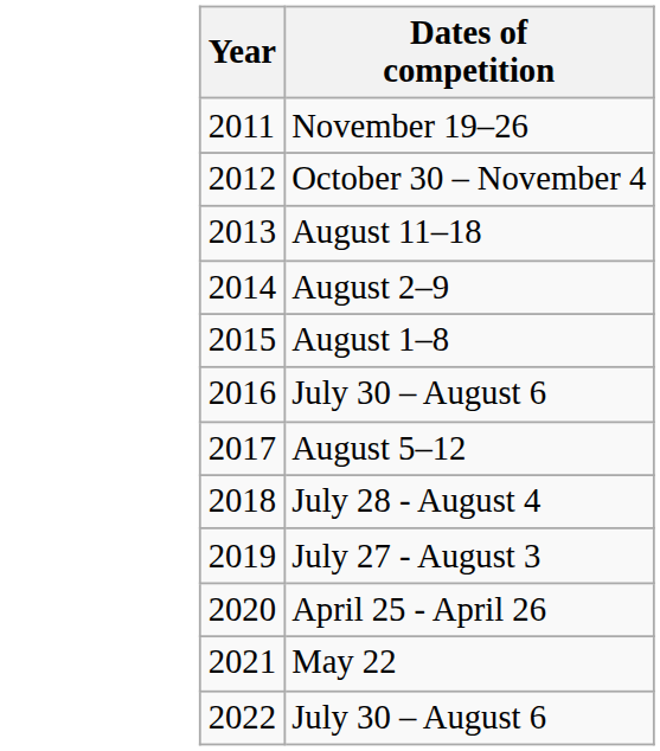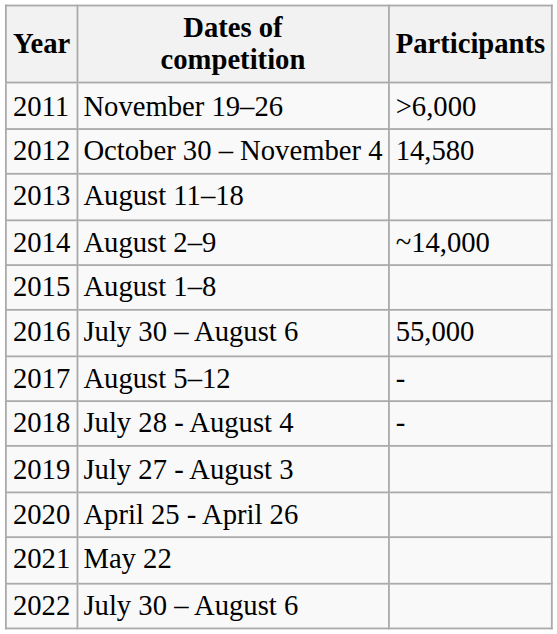 <table class="wikitable sortable" style="float:right;">
 <tr>
 <th>Year</th>
 <th>Dates of<br>competition</th>
+<th>Participants</th>
 </tr>
 <tr>
 <td>2011</td>
 <td>November 19–26</td>
+<td>>6,000</td>
 </tr>
 <tr>
 <td>2012</td>
 <td>October 30 – November 4</td>
+<td>14,580</td>
 </tr>
 <tr>
 <td>2013</td>
 <td>August 11–18</td>
+<td></td>
 </tr>
 <tr>
 <td>2014</td>
 <td>August 2–9</td>
+<td>~14,000</td>
 </tr>
 <tr>
 <td>2015</td>
 <td>August 1–8</td>
+<td></td>
 </tr>
 <tr>
 <td>2016</td>
 <td>July 30 – August 6</td>
+<td>55,000</td>
 </tr>
 <tr>
 <td>2017</td>
 <td>August 5–12</td>
+<td>-</td>
 </tr>
 <tr>
 <td>2018</td>
 <td>July 28 - August 4</td>
+<td>-</td>
 </tr>
 <tr>
 <td>2019</td>
 <td>July 27 - August 3</td>
+<td></td>
 </tr>
 <tr>
 <td>2020</td>
 <td>April 25 - April 26</td>
+<td></td>
 </tr>
 <tr>
 <td>2021</td>
 <td>May 22</td>
+<td></td>
 </tr>
 <tr>
 <td>2022</td>
 <td>July 30 – August 6</td>
+<td></td>
 </tr>
 </table>
